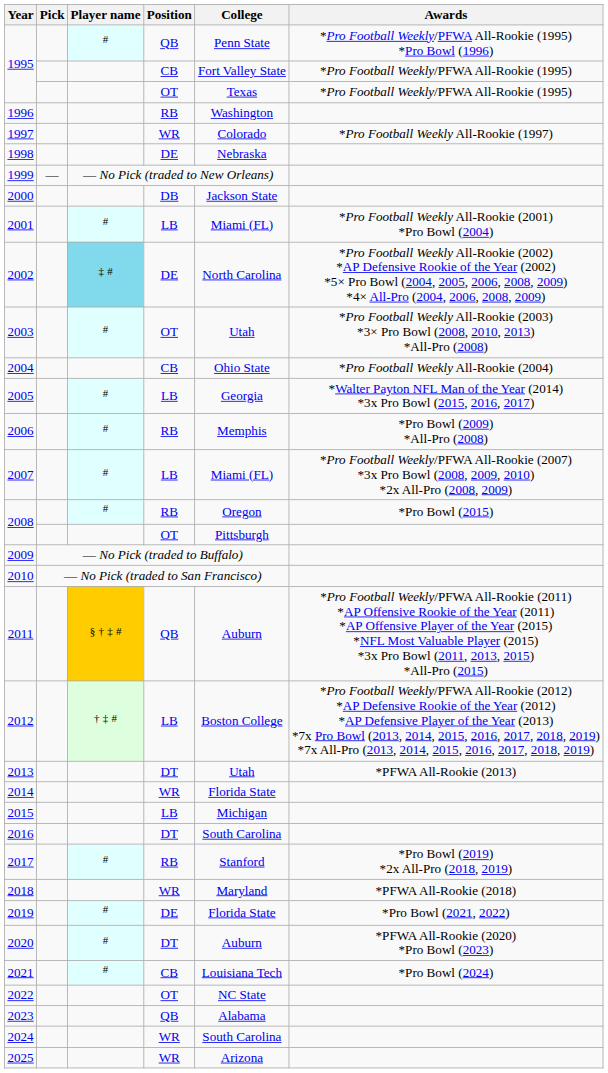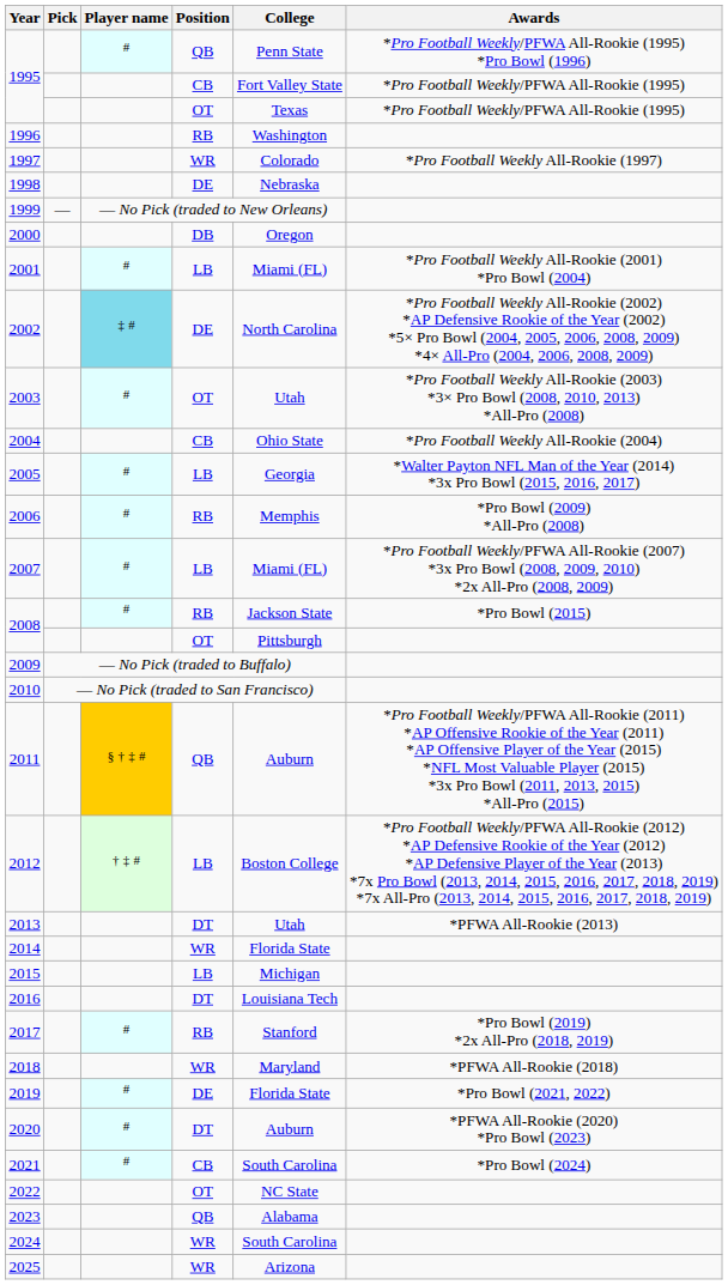 <table class="wikitable" style="text-align:center">
 <tr>
 <th>Year</th>
 <th>Pick</th>
 <th>Player name</th>
 <th>Position</th>
 <th>College</th>
 <th class=unsortable>Awards</th>
 </tr>
 <tr>
 <td align="center" rowspan=3><a href='#'>1995</a></td>
 <td align="center"></td>
 <td bgcolor="#E0FFFF"> <sup>#</sup></td>
 <td><a href='#'>QB</a></td>
 <td><a href='#'>Penn State</a></td>
 <td>*<em><a href='#'>Pro Football Weekly</a></em>/<a href='#'>PFWA</a> All-Rookie (1995)<br>*<a href='#'>Pro Bowl</a> (<a href='#'>1996</a>)</td>
 </tr>
 <tr>
 <td align="center"></td>
 <td></td>
 <td><a href='#'>CB</a></td>
 <td><a href='#'>Fort Valley State</a></td>
 <td>*<em>Pro Football Weekly</em>/PFWA All-Rookie (1995)</td>
 </tr>
 <tr>
 <td align="center"></td>
 <td></td>
 <td><a href='#'>OT</a></td>
 <td><a href='#'>Texas</a></td>
 <td>*<em>Pro Football Weekly</em>/PFWA All-Rookie (1995)</td>
 </tr>
 <tr>
 <td align="center"><a href='#'>1996</a></td>
 <td align="center"></td>
 <td></td>
 <td><a href='#'>RB</a></td>
 <td><a href='#'>Washington</a></td>
 <td></td>
 </tr>
 <tr>
 <td align="center"><a href='#'>1997</a></td>
 <td align="center"></td>
 <td></td>
 <td><a href='#'>WR</a></td>
 <td><a href='#'>Colorado</a></td>
 <td>*<em>Pro Football Weekly</em> All-Rookie (1997)</td>
 </tr>
 <tr>
 <td align="center"><a href='#'>1998</a></td>
 <td align="center"></td>
 <td></td>
 <td><a href='#'>DE</a></td>
 <td><a href='#'>Nebraska</a></td>
 <td></td>
 </tr>
 <tr>
 <td align="center"><a href='#'>1999</a></td>
 <td align="center">—</td>
 <td align="center" colspan=3><span>—</span> <em>No Pick (traded to New Orleans)</em></td>
 <td></td>
 </tr>
 <tr>
 <td align="center"><a href='#'>2000</a></td>
 <td align="center"></td>
 <td></td>
 <td><a href='#'>DB</a></td>
-<td><a href='#'>Jackson State</a></td>
+<td><a href='#'>Oregon</a></td>
 <td></td>
 </tr>
 <tr>
 <td align="center"><a href='#'>2001</a></td>
 <td align="center"></td>
 <td bgcolor="#E0FFFF"> <sup>#</sup></td>
 <td><a href='#'>LB</a></td>
 <td><a href='#'>Miami (FL)</a></td>
 <td>*<em>Pro Football Weekly</em> All-Rookie (2001)<br>*Pro Bowl (<a href='#'>2004</a>)</td>
 </tr>
 <tr>
 <td align="center"><a href='#'>2002</a></td>
 <td align="center"></td>
 <td bgcolor="#80DAEB"> <sup>‡</sup> <sup>#</sup></td>
 <td><a href='#'>DE</a></td>
 <td><a href='#'>North Carolina</a></td>
 <td>*<em>Pro Football Weekly</em> All-Rookie (2002)<br>*<a href='#'>AP Defensive Rookie of the Year</a> (2002)<br>*5× Pro Bowl (<a href='#'>2004</a>, <a href='#'>2005</a>, <a href='#'>2006</a>, <a href='#'>2008</a>, <a href='#'>2009</a>)<br>*4× <a href='#'>All-Pro</a> (<a href='#'>2004</a>, <a href='#'>2006</a>, <a href='#'>2008</a>, <a href='#'>2009</a>)</td>
 </tr>
 <tr>
 <td align="center"><a href='#'>2003</a></td>
 <td align="center"></td>
 <td bgcolor="#E0FFFF"> <sup>#</sup></td>
 <td><a href='#'>OT</a></td>
 <td><a href='#'>Utah</a></td>
 <td>*<em>Pro Football Weekly</em> All-Rookie (2003)<br>*3× Pro Bowl (<a href='#'>2008</a>, <a href='#'>2010</a>, <a href='#'>2013</a>)<br>*All-Pro (<a href='#'>2008</a>)</td>
 </tr>
 <tr>
 <td align="center"><a href='#'>2004</a></td>
 <td align="center"></td>
 <td></td>
 <td><a href='#'>CB</a></td>
 <td><a href='#'>Ohio State</a></td>
 <td>*<em>Pro Football Weekly</em> All-Rookie (2004)</td>
 </tr>
 <tr>
 <td align="center"><a href='#'>2005</a></td>
 <td align="center"></td>
 <td bgcolor="#E0FFFF"> <sup>#</sup></td>
 <td><a href='#'>LB</a></td>
 <td><a href='#'>Georgia</a></td>
 <td>*<a href='#'>Walter Payton NFL Man of the Year</a> (2014)<br>*3x Pro Bowl (<a href='#'>2015</a>, <a href='#'>2016</a>, <a href='#'>2017</a>)</td>
 </tr>
 <tr>
 <td align="center"><a href='#'>2006</a></td>
 <td align="center"></td>
 <td bgcolor="#E0FFFF"> <sup>#</sup></td>
 <td><a href='#'>RB</a></td>
 <td><a href='#'>Memphis</a></td>
 <td>*Pro Bowl (<a href='#'>2009</a>)<br>*All-Pro (<a href='#'>2008</a>)</td>
 </tr>
 <tr>
 <td align="center"><a href='#'>2007</a></td>
 <td align="center"></td>
 <td bgcolor="#E0FFFF"> <sup>#</sup></td>
 <td><a href='#'>LB</a></td>
 <td><a href='#'>Miami (FL)</a></td>
 <td>*<em>Pro Football Weekly</em>/PFWA All-Rookie (2007)<br>*3x Pro Bowl (<a href='#'>2008</a>, <a href='#'>2009</a>, <a href='#'>2010</a>)<br>*2x All-Pro (<a href='#'>2008</a>, <a href='#'>2009</a>)</td>
 </tr>
 <tr>
 <td align="center" rowspan=2><a href='#'>2008</a></td>
 <td align="center"></td>
 <td bgcolor="#E0FFFF"> <sup>#</sup></td>
 <td><a href='#'>RB</a></td>
-<td><a href='#'>Oregon</a></td>
+<td><a href='#'>Jackson State</a></td>
 <td>*Pro Bowl (<a href='#'>2015</a>)</td>
 </tr>
 <tr>
 <td align="center"></td>
 <td></td>
 <td><a href='#'>OT</a></td>
 <td><a href='#'>Pittsburgh</a></td>
 <td></td>
 </tr>
 <tr>
 <td align="center"><a href='#'>2009</a></td>
 <td align="center" colspan=4><span>—</span> <em>No Pick (traded to Buffalo)</em></td>
 <td></td>
 </tr>
 <tr>
 <td align="center"><a href='#'>2010</a></td>
 <td align="center" colspan=4><span>—</span> <em>No Pick (traded to San Francisco)</em></td>
 <td></td>
 </tr>
 <tr>
 <td align="center"><a href='#'>2011</a></td>
 <td align="center"></td>
 <td bgcolor="#FFCC00"><sup>§</sup> <sup>†</sup> <sup>‡</sup> <sup>#</sup></td>
 <td><a href='#'>QB</a></td>
 <td><a href='#'>Auburn</a></td>
 <td>*<em>Pro Football Weekly</em>/PFWA All-Rookie (2011)<br>*<a href='#'>AP Offensive Rookie of the Year</a> (2011)<br>*<a href='#'>AP Offensive Player of the Year</a> (2015)<br>*<a href='#'>NFL Most Valuable Player</a> (2015)<br>*3x Pro Bowl (<a href='#'>2011</a>, <a href='#'>2013</a>, <a href='#'>2015</a>)<br>*All-Pro (<a href='#'>2015</a>)</td>
 </tr>
 <tr>
 <td align="center"><a href='#'>2012</a></td>
 <td align="center"></td>
 <td style="background:#dfd;"> <sup>†</sup> <sup>‡</sup> <sup>#</sup></td>
 <td><a href='#'>LB</a></td>
 <td><a href='#'>Boston College</a></td>
 <td>*<em>Pro Football Weekly</em>/PFWA All-Rookie (2012)<br>*<a href='#'>AP Defensive Rookie of the Year</a> (2012)<br>*<a href='#'>AP Defensive Player of the Year</a> (2013)<br>*7x <a href='#'>Pro Bowl</a> (<a href='#'>2013</a>, <a href='#'>2014</a>, <a href='#'>2015</a>, <a href='#'>2016</a>, <a href='#'>2017</a>, <a href='#'>2018</a>, <a href='#'>2019</a>)<br>*7x All-Pro (<a href='#'>2013</a>, <a href='#'>2014</a>, <a href='#'>2015</a>, <a href='#'>2016</a>, <a href='#'>2017</a>, <a href='#'>2018</a>, <a href='#'>2019</a>)</td>
 </tr>
 <tr>
 <td align="center"><a href='#'>2013</a></td>
 <td align="center"></td>
 <td></td>
 <td><a href='#'>DT</a></td>
 <td><a href='#'>Utah</a></td>
 <td>*PFWA All-Rookie (2013)</td>
 </tr>
 <tr>
 <td align="center"><a href='#'>2014</a></td>
 <td align="center"></td>
 <td></td>
 <td><a href='#'>WR</a></td>
 <td><a href='#'>Florida State</a></td>
 <td></td>
 </tr>
 <tr>
 <td align="center"><a href='#'>2015</a></td>
 <td align="center"></td>
 <td></td>
 <td><a href='#'>LB</a></td>
 <td><a href='#'>Michigan</a></td>
 <td></td>
 </tr>
 <tr>
 <td align="center"><a href='#'>2016</a></td>
 <td align="center"></td>
 <td></td>
 <td><a href='#'>DT</a></td>
-<td><a href='#'>South Carolina</a></td>
+<td><a href='#'>Louisiana Tech</a></td>
 <td></td>
 </tr>
 <tr>
 <td align="center"><a href='#'>2017</a></td>
 <td align="center"></td>
 <td bgcolor="#E0FFFF"><strong></strong> <sup>#</sup></td>
 <td><a href='#'>RB</a></td>
 <td><a href='#'>Stanford</a></td>
 <td>*Pro Bowl (<a href='#'>2019</a>)<br>*2x All-Pro (<a href='#'>2018</a>, <a href='#'>2019</a>)</td>
 </tr>
 <tr>
 <td align="center"><a href='#'>2018</a></td>
 <td align="center"></td>
 <td><strong></strong></td>
 <td><a href='#'>WR</a></td>
 <td><a href='#'>Maryland</a></td>
 <td>*PFWA All-Rookie (2018)</td>
 </tr>
 <tr>
 <td align="center"><a href='#'>2019</a></td>
 <td align="center"></td>
 <td bgcolor="#E0FFFF"><strong></strong> <sup>#</sup></td>
 <td><a href='#'>DE</a></td>
 <td><a href='#'>Florida State</a></td>
 <td>*Pro Bowl (<a href='#'>2021</a>, <a href='#'>2022</a>)</td>
 </tr>
 <tr>
 <td align="center"><a href='#'>2020</a></td>
 <td align="center"></td>
 <td bgcolor="#E0FFFF"><strong></strong> <sup>#</sup></td>
 <td><a href='#'>DT</a></td>
 <td><a href='#'>Auburn</a></td>
 <td>*PFWA All-Rookie (2020)<br>*Pro Bowl (<a href='#'>2023</a>)</td>
 </tr>
 <tr>
 <td align="center"><a href='#'>2021</a></td>
 <td align="center"></td>
 <td bgcolor="#E0FFFF"><strong></strong> <sup>#</sup></td>
 <td><a href='#'>CB</a></td>
-<td><a href='#'>Louisiana Tech</a></td>
+<td><a href='#'>South Carolina</a></td>
 <td>*Pro Bowl (<a href='#'>2024</a>)</td>
 </tr>
 <tr>
 <td align="center"><a href='#'>2022</a></td>
 <td align="center"></td>
 <td><strong></strong></td>
 <td><a href='#'>OT</a></td>
 <td><a href='#'>NC State</a></td>
 <td></td>
 </tr>
 <tr>
 <td align="center"><a href='#'>2023</a></td>
 <td align="center"></td>
 <td><strong></strong></td>
 <td><a href='#'>QB</a></td>
 <td><a href='#'>Alabama</a></td>
 <td></td>
 </tr>
 <tr>
 <td align="center"><a href='#'>2024</a></td>
 <td align="center"></td>
 <td><strong></strong></td>
 <td><a href='#'>WR</a></td>
 <td><a href='#'>South Carolina</a></td>
 <td></td>
 </tr>
 <tr>
 <td align="center"><a href='#'>2025</a></td>
 <td align="center"></td>
 <td><strong></strong></td>
 <td><a href='#'>WR</a></td>
 <td><a href='#'>Arizona</a></td>
 <td></td>
 </tr>
 </table>
